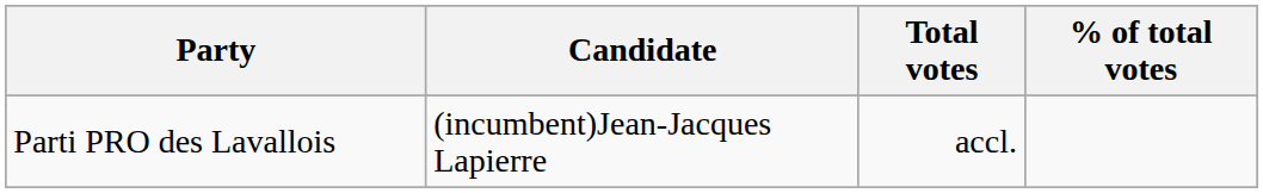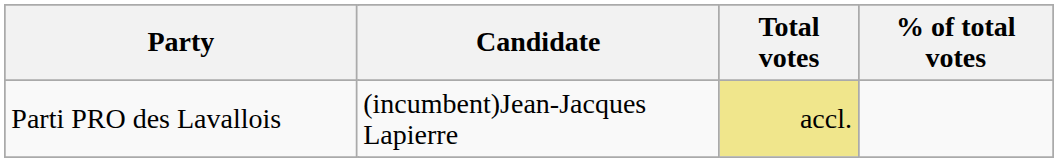 <table style="width:600px;" class="wikitable">
 <tr style="background-color:#E9E9E9">
 <th colspan="2" style="width: 200px">Party</th>
 <th colspan="1" style="width: 200px">Candidate</th>
 <th align="right">Total votes</th>
 <th align="right">% of total votes</th>
 </tr>
 <tr>
 <td colspan="2" align="left">Parti PRO des Lavallois</td>
 <td align="left">(incumbent)Jean-Jacques Lapierre</td>
-<td align="right">accl.</td>
+<td align="right" style="background: khaki;">accl.</td>
 <td align="right"></td>
 </tr>
 </table>
